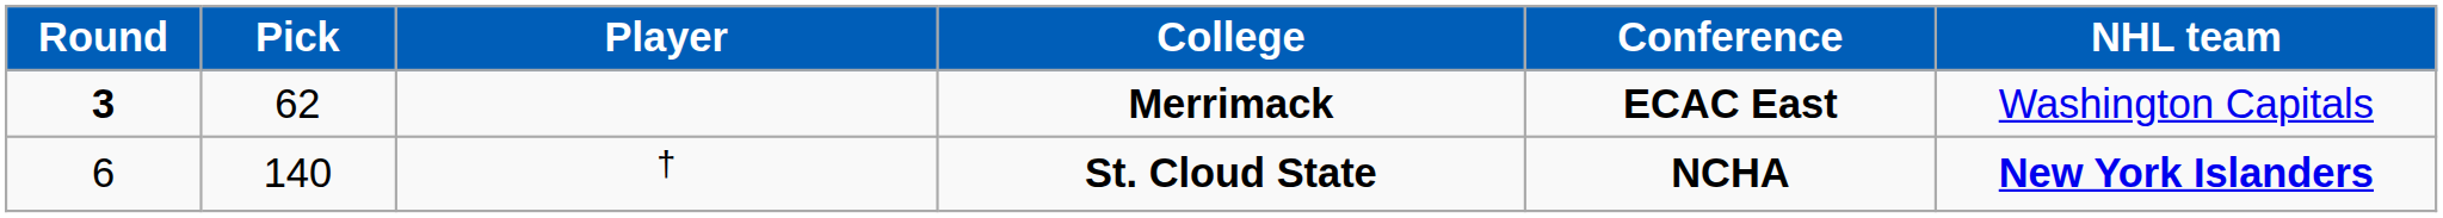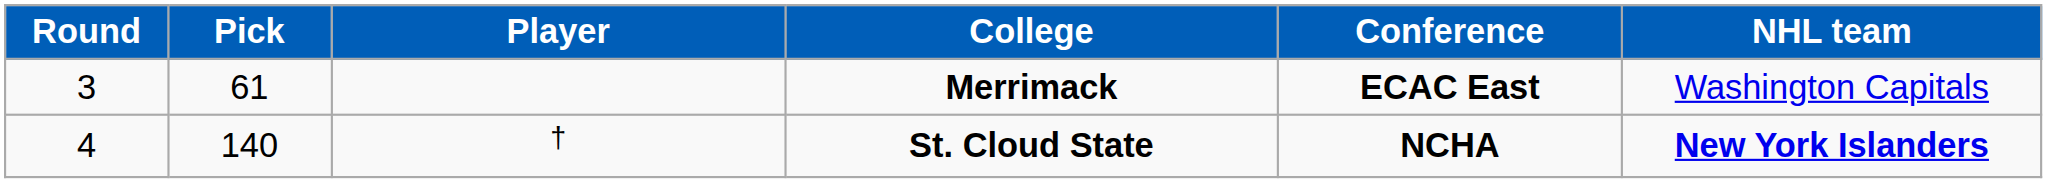 <table class="wikitable sortable" width="75%">
 <tr>
 <th style="color:white; background-color:#005EB8; width: 4em;">Round</th>
 <th style="color:white; background-color:#005EB8; width: 4em;">Pick</th>
 <th style="color:white; background-color:#005EB8; width: 12em;">Player</th>
 <th style="color:white; background-color:#005EB8; width: 13em;">College</th>
 <th style="color:white; background-color:#005EB8; width: 9em;">Conference</th>
 <th style="color:white; background-color:#005EB8; width: 11em;">NHL team</th>
 </tr>
 <tr align="center" bgcolor="">
-<td><strong>3</strong></td>
-<td>62</td>
+<td>3</td>
+<td>61</td>
 <td></td>
 <td><strong>Merrimack</strong></td>
 <td><strong>ECAC East</strong></td>
 <td><a href='#'>Washington Capitals</a></td>
 </tr>
 <tr align="center" bgcolor="">
-<td>6</td>
+<td>4</td>
 <td>140</td>
 <td> <sup>†</sup></td>
 <td><strong>St. Cloud State</strong></td>
 <td><strong>NCHA</strong></td>
 <td><strong><a href='#'>New York Islanders</a></strong></td>
 </tr>
 </table>
